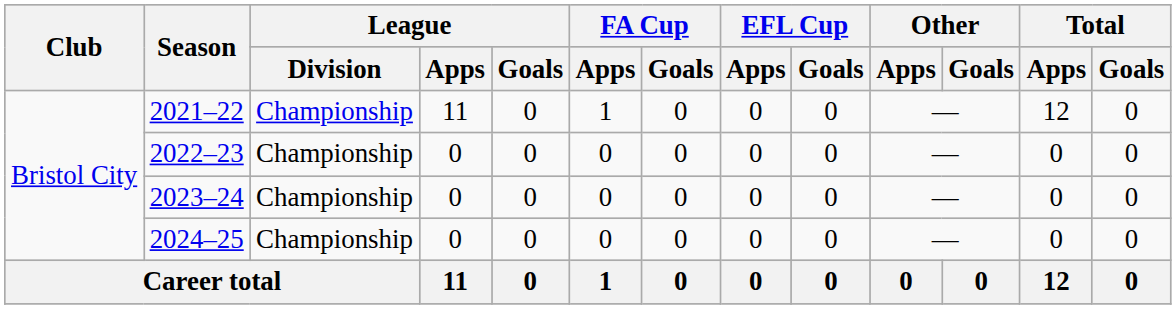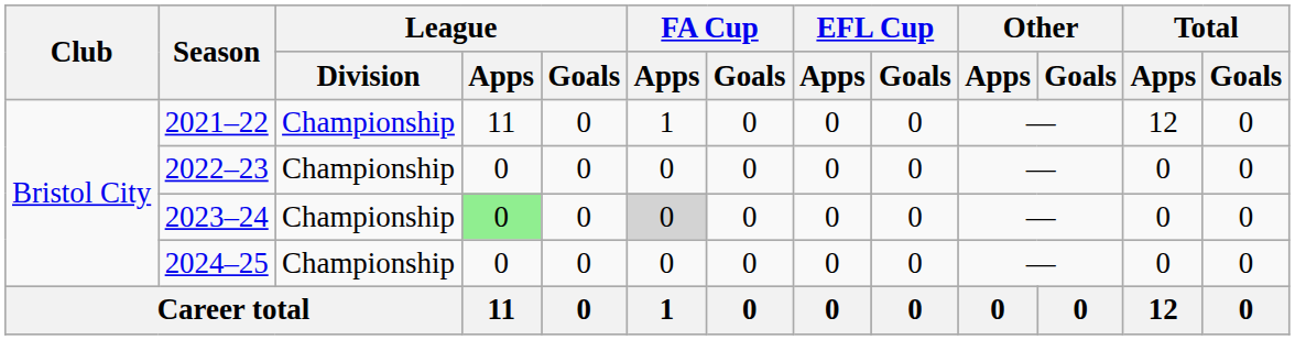 <table class="wikitable" style="text-align: center;">
 <tr>
 <th rowspan="2">Club</th>
 <th rowspan="2">Season</th>
 <th colspan="3">League</th>
 <th colspan="2"><a href='#'>FA Cup</a></th>
 <th colspan="2"><a href='#'>EFL Cup</a></th>
 <th colspan="2">Other</th>
 <th colspan="2">Total</th>
 </tr>
 <tr>
 <th>Division</th>
 <th>Apps</th>
 <th>Goals</th>
 <th>Apps</th>
 <th>Goals</th>
 <th>Apps</th>
 <th>Goals</th>
 <th>Apps</th>
 <th>Goals</th>
 <th>Apps</th>
 <th>Goals</th>
 </tr>
 <tr>
 <td rowspan="4"><a href='#'>Bristol City</a></td>
 <td><a href='#'>2021–22</a></td>
 <td><a href='#'>Championship</a></td>
 <td>11</td>
 <td>0</td>
 <td>1</td>
 <td>0</td>
 <td>0</td>
 <td>0</td>
 <td colspan=2>—</td>
 <td>12</td>
 <td>0</td>
 </tr>
 <tr>
 <td><a href='#'>2022–23</a></td>
 <td>Championship</td>
 <td>0</td>
 <td>0</td>
 <td>0</td>
 <td>0</td>
 <td>0</td>
 <td>0</td>
 <td colspan=2>—</td>
 <td>0</td>
 <td>0</td>
 </tr>
 <tr>
 <td><a href='#'>2023–24</a></td>
 <td>Championship</td>
+<td style="background: lightgreen;">0</td>
 <td>0</td>
-<td>0</td>
-<td>0</td>
+<td style="background: lightgrey;">0</td>
 <td>0</td>
 <td>0</td>
 <td>0</td>
 <td colspan=2>—</td>
 <td>0</td>
 <td>0</td>
 </tr>
 <tr>
 <td><a href='#'>2024–25</a></td>
 <td>Championship</td>
 <td>0</td>
 <td>0</td>
 <td>0</td>
 <td>0</td>
 <td>0</td>
 <td>0</td>
 <td colspan=2>—</td>
 <td>0</td>
 <td>0</td>
 </tr>
 <tr>
 <th colspan="3">Career total</th>
 <th>11</th>
 <th>0</th>
 <th>1</th>
 <th>0</th>
 <th>0</th>
 <th>0</th>
 <th>0</th>
 <th>0</th>
 <th>12</th>
 <th>0</th>
 </tr>
 </table>
